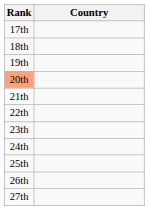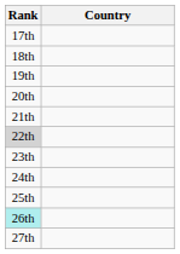 <table class="wikitable gauche" style="text-align:center;'">
 <tr>
 <th scope=col>Rank</th>
 <th scope=col style="width:160px;">Country</th>
 </tr>
 <tr>
 <td>17th</td>
 <td align=left></td>
 </tr>
 <tr>
 <td>18th</td>
 <td align=left></td>
 </tr>
 <tr>
 <td>19th</td>
 <td align=left></td>
 </tr>
 <tr>
-<td style="background: lightsalmon;">20th</td>
+<td>20th</td>
 <td align=left></td>
 </tr>
 <tr>
 <td>21th</td>
 <td align=left></td>
 </tr>
 <tr>
-<td>22th</td>
+<td style="background: lightgrey;">22th</td>
 <td align=left></td>
 </tr>
 <tr>
 <td>23th</td>
 <td align=left></td>
 </tr>
 <tr>
 <td>24th</td>
 <td align=left></td>
 </tr>
 <tr>
 <td>25th</td>
 <td align=left></td>
 </tr>
 <tr>
-<td>26th</td>
+<td style="background: paleturquoise;">26th</td>
 <td align=left></td>
 </tr>
 <tr>
 <td>27th</td>
 <td align=left></td>
 </tr>
 </table>
